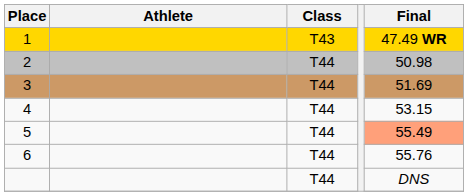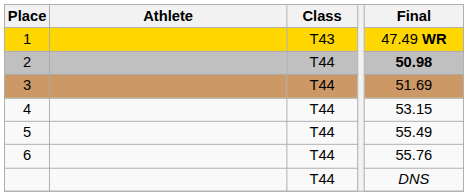 <table class="wikitable" style="text-align:center">
 <tr>
 <th>Place</th>
 <th width=250>Athlete</th>
 <th width=70>Class</th>
 <th rowspan=31></th>
 <th width=100>Final</th>
 </tr>
 <tr bgcolor=gold>
 <td>1</td>
 <td align=left></td>
 <td>T43</td>
 <td>47.49 <strong>WR</strong></td>
 </tr>
 <tr bgcolor=silver>
 <td>2</td>
 <td align=left></td>
 <td>T44</td>
-<td>50.98</td>
+<td><strong>50.98</strong></td>
 </tr>
 <tr bgcolor=cc9966>
 <td>3</td>
 <td align=left></td>
 <td>T44</td>
 <td>51.69</td>
 </tr>
 <tr>
 <td>4</td>
 <td align=left></td>
 <td>T44</td>
 <td>53.15</td>
 </tr>
 <tr>
 <td>5</td>
 <td align=left></td>
 <td>T44</td>
-<td style="background: lightsalmon;">55.49</td>
+<td>55.49</td>
 </tr>
 <tr>
 <td>6</td>
 <td align=left></td>
 <td>T44</td>
 <td>55.76</td>
 </tr>
 <tr>
 <td></td>
 <td align=left></td>
 <td>T44</td>
 <td><em>DNS</em></td>
 </tr>
 <tr>
 </tr>
 </table>
